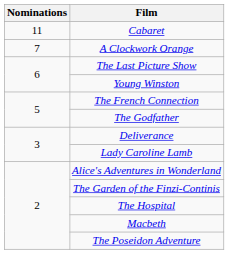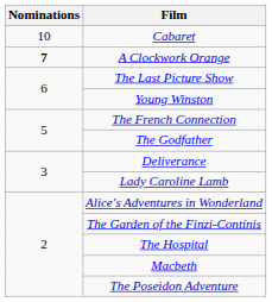 <table class="wikitable" style="text-align:center;">
 <tr>
 <th style="background:">Nominations</th>
 <th style="background:">Film</th>
 </tr>
 <tr>
-<td>11</td>
+<td>10</td>
 <td><em><a href='#'>Cabaret</a></em></td>
 </tr>
 <tr>
-<td>7</td>
+<td><strong>7</strong></td>
 <td><em><a href='#'>A Clockwork Orange</a></em></td>
 </tr>
 <tr>
 <td rowspan="2">6</td>
 <td><em><a href='#'>The Last Picture Show</a></em></td>
 </tr>
 <tr>
 <td><em><a href='#'>Young Winston</a></em></td>
 </tr>
 <tr>
 <td rowspan="2">5</td>
 <td><em><a href='#'>The French Connection</a></em></td>
 </tr>
 <tr>
 <td><em><a href='#'>The Godfather</a></em></td>
 </tr>
 <tr>
 <td rowspan="2">3</td>
 <td><em><a href='#'>Deliverance</a></em></td>
 </tr>
 <tr>
 <td><em><a href='#'>Lady Caroline Lamb</a></em></td>
 </tr>
 <tr>
 <td rowspan="5">2</td>
 <td><em><a href='#'>Alice's Adventures in Wonderland</a></em></td>
 </tr>
 <tr>
 <td><em><a href='#'>The Garden of the Finzi-Continis</a></em></td>
 </tr>
 <tr>
 <td><em><a href='#'>The Hospital</a></em></td>
 </tr>
 <tr>
 <td><em><a href='#'>Macbeth</a></em></td>
 </tr>
 <tr>
 <td><em><a href='#'>The Poseidon Adventure</a></em></td>
 </tr>
 </table>
